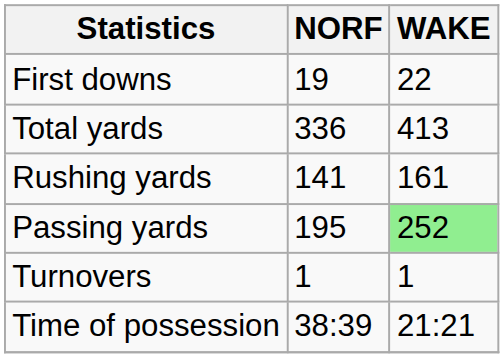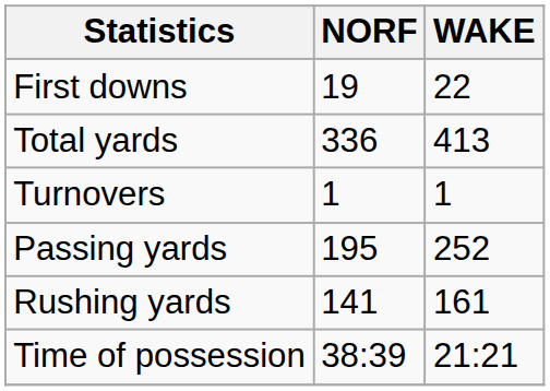 <table class="wikitable" style="float: left;">
 <tr>
 <th>Statistics</th>
 <th>NORF</th>
 <th>WAKE</th>
 </tr>
 <tr>
 <td>First downs</td>
 <td>19</td>
 <td>22</td>
 </tr>
 <tr>
 <td>Total yards</td>
 <td>336</td>
 <td>413</td>
 </tr>
 <tr>
-<td>Rushing yards</td>
-<td>141</td>
-<td>161</td>
+<td>Turnovers</td>
+<td>1</td>
+<td>1</td>
 </tr>
 <tr>
 <td>Passing yards</td>
 <td>195</td>
-<td style="background: lightgreen;">252</td>
+<td>252</td>
 </tr>
 <tr>
-<td>Turnovers</td>
-<td>1</td>
-<td>1</td>
+<td>Rushing yards</td>
+<td>141</td>
+<td>161</td>
 </tr>
 <tr>
 <td>Time of possession</td>
 <td>38:39</td>
 <td>21:21</td>
 </tr>
 <tr>
 </tr>
 </table>
